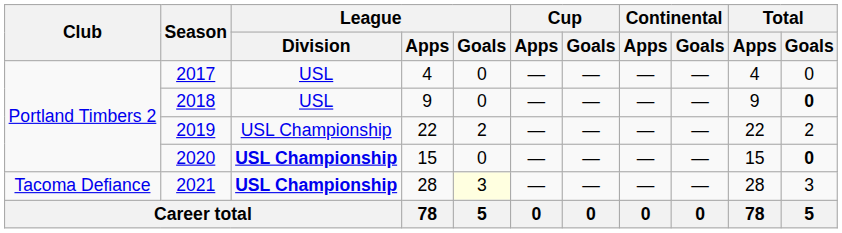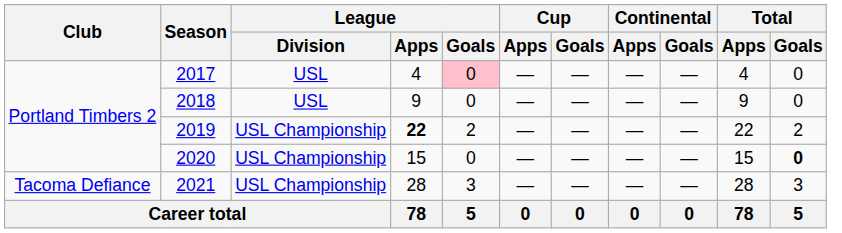 <table class="wikitable" style="text-align: center;">
 <tr>
 <th rowspan="2">Club</th>
 <th rowspan="2">Season</th>
 <th colspan="3">League</th>
 <th colspan="2">Cup</th>
 <th colspan="2">Continental</th>
 <th colspan="2">Total</th>
 </tr>
 <tr>
 <th>Division</th>
 <th>Apps</th>
 <th>Goals</th>
 <th>Apps</th>
 <th>Goals</th>
 <th>Apps</th>
 <th>Goals</th>
 <th>Apps</th>
 <th>Goals</th>
 </tr>
 <tr>
 <td rowspan="4"><a href='#'>Portland Timbers 2</a></td>
 <td><a href='#'>2017</a></td>
 <td><a href='#'>USL</a></td>
 <td>4</td>
-<td>0</td>
+<td style="background: pink;">0</td>
 <td>—</td>
 <td>—</td>
 <td>—</td>
 <td>—</td>
 <td>4</td>
 <td>0</td>
 </tr>
 <tr>
 <td><a href='#'>2018</a></td>
 <td><a href='#'>USL</a></td>
 <td>9</td>
 <td>0</td>
 <td>—</td>
 <td>—</td>
 <td>—</td>
 <td>—</td>
 <td>9</td>
-<td><strong>0</strong></td>
+<td>0</td>
 </tr>
 <tr>
 <td><a href='#'>2019</a></td>
 <td><a href='#'>USL Championship</a></td>
-<td>22</td>
+<td><strong>22</strong></td>
 <td>2</td>
 <td>—</td>
 <td>—</td>
 <td>—</td>
 <td>—</td>
 <td>22</td>
 <td>2</td>
 </tr>
 <tr>
 <td><a href='#'>2020</a></td>
-<td><strong><a href='#'>USL Championship</a></strong></td>
+<td><a href='#'>USL Championship</a></td>
 <td>15</td>
 <td>0</td>
 <td>—</td>
 <td>—</td>
 <td>—</td>
 <td>—</td>
 <td>15</td>
 <td><strong>0</strong></td>
 </tr>
 <tr>
 <td><a href='#'>Tacoma Defiance</a></td>
 <td><a href='#'>2021</a></td>
-<td><strong><a href='#'>USL Championship</a></strong></td>
+<td><a href='#'>USL Championship</a></td>
 <td>28</td>
-<td style="background: lightyellow;">3</td>
+<td>3</td>
 <td>—</td>
 <td>—</td>
 <td>—</td>
 <td>—</td>
 <td>28</td>
 <td>3</td>
 </tr>
 <tr>
 <th colspan="3">Career total</th>
 <th>78</th>
 <th>5</th>
 <th>0</th>
 <th>0</th>
 <th>0</th>
 <th>0</th>
 <th>78</th>
 <th>5</th>
 </tr>
 </table>
